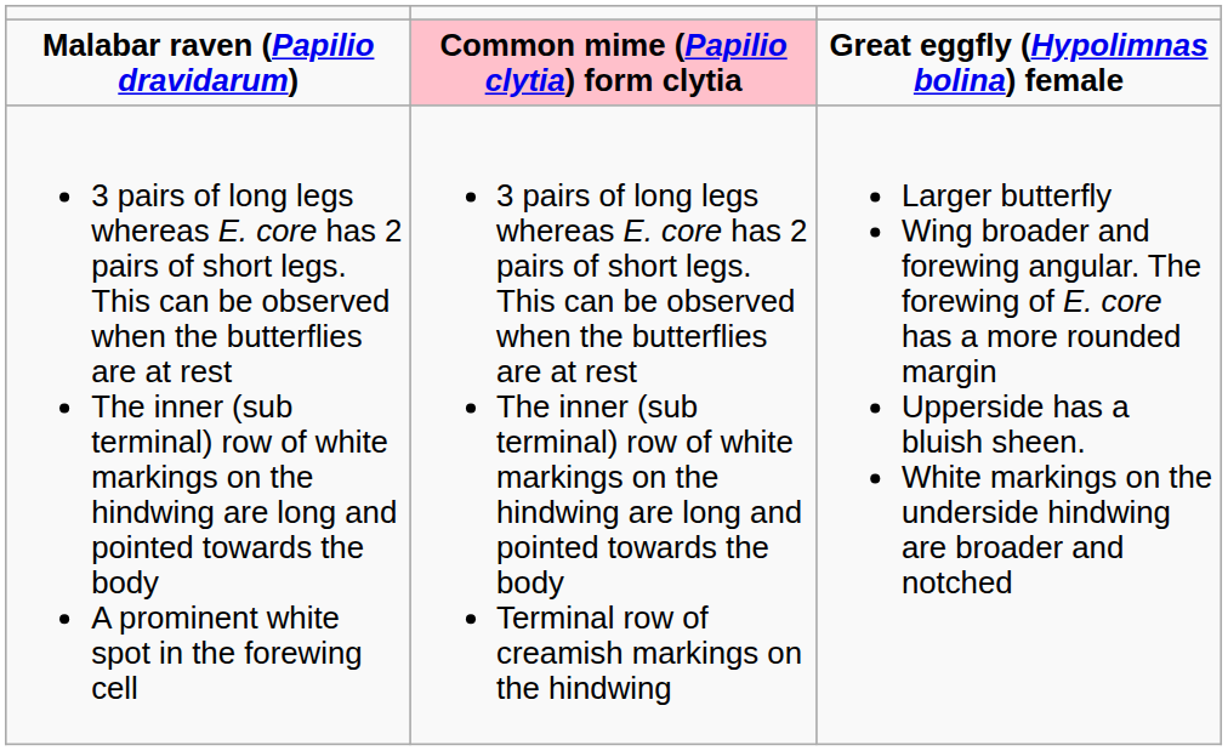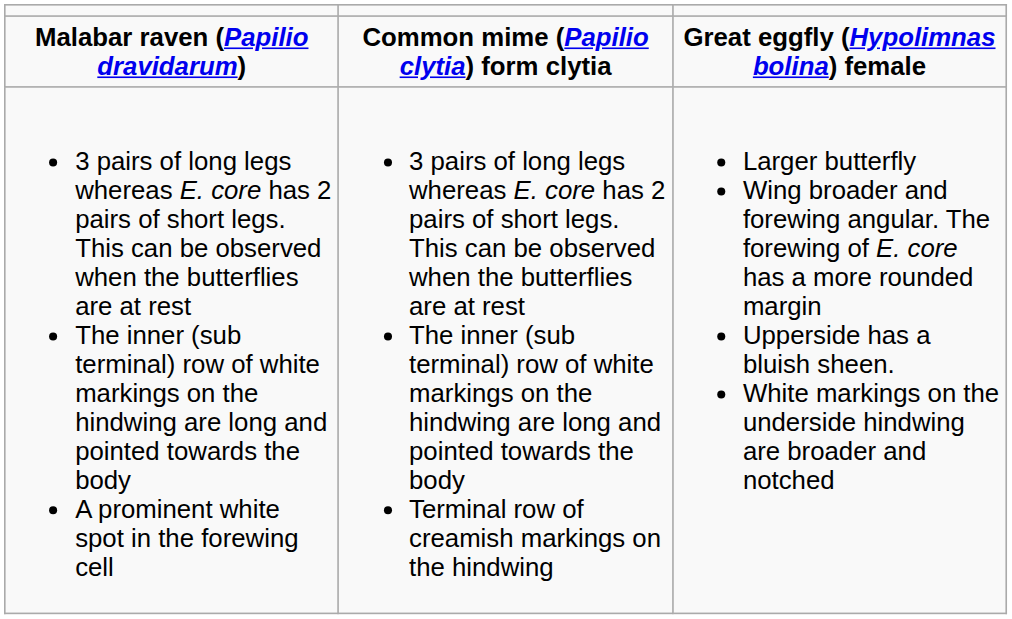 <table class="wikitable">
 <tr style="vertical-align:bottom">
 <td style="width:200px;"></td>
 <td style="width:200px;"></td>
 <td style="width:200px;"></td>
 </tr>
 <tr style="text-align:center;vertical-align:top">
 <td><strong>Malabar raven (<em><a href='#'>Papilio dravidarum</a></em>)</strong></td>
-<td style="background: pink;"><strong>Common mime (<em><a href='#'>Papilio clytia</a></em>) form clytia</strong></td>
+<td><strong>Common mime (<em><a href='#'>Papilio clytia</a></em>) form clytia</strong></td>
 <td><strong>Great eggfly (<em><a href='#'>Hypolimnas bolina</a></em>) female</strong></td>
 </tr>
 <tr style="vertical-align:top">
 <td style="width:200px;"><br><ul><li>3 pairs of long legs whereas <em>E. core</em> has 2 pairs of short legs. This can be observed when the butterflies are at rest</li><li>The inner (sub terminal) row of white markings on the hindwing are long and pointed towards the body</li><li>A prominent white spot in the forewing cell</li></ul></td>
 <td style="width:200px;"><br><ul><li>3 pairs of long legs whereas <em>E. core</em> has 2 pairs of short legs. This can be observed when the butterflies are at rest</li><li>The inner (sub terminal) row of white markings on the hindwing are long and pointed towards the body</li><li>Terminal row of creamish markings on the hindwing</li></ul></td>
 <td style="width:200px;"><br><ul><li>Larger butterfly</li><li>Wing broader and forewing angular. The forewing of <em>E. core</em> has a more rounded margin</li><li>Upperside has a bluish sheen.</li><li>White markings on the underside hindwing are broader and notched</li></ul></td>
 </tr>
 </table>
